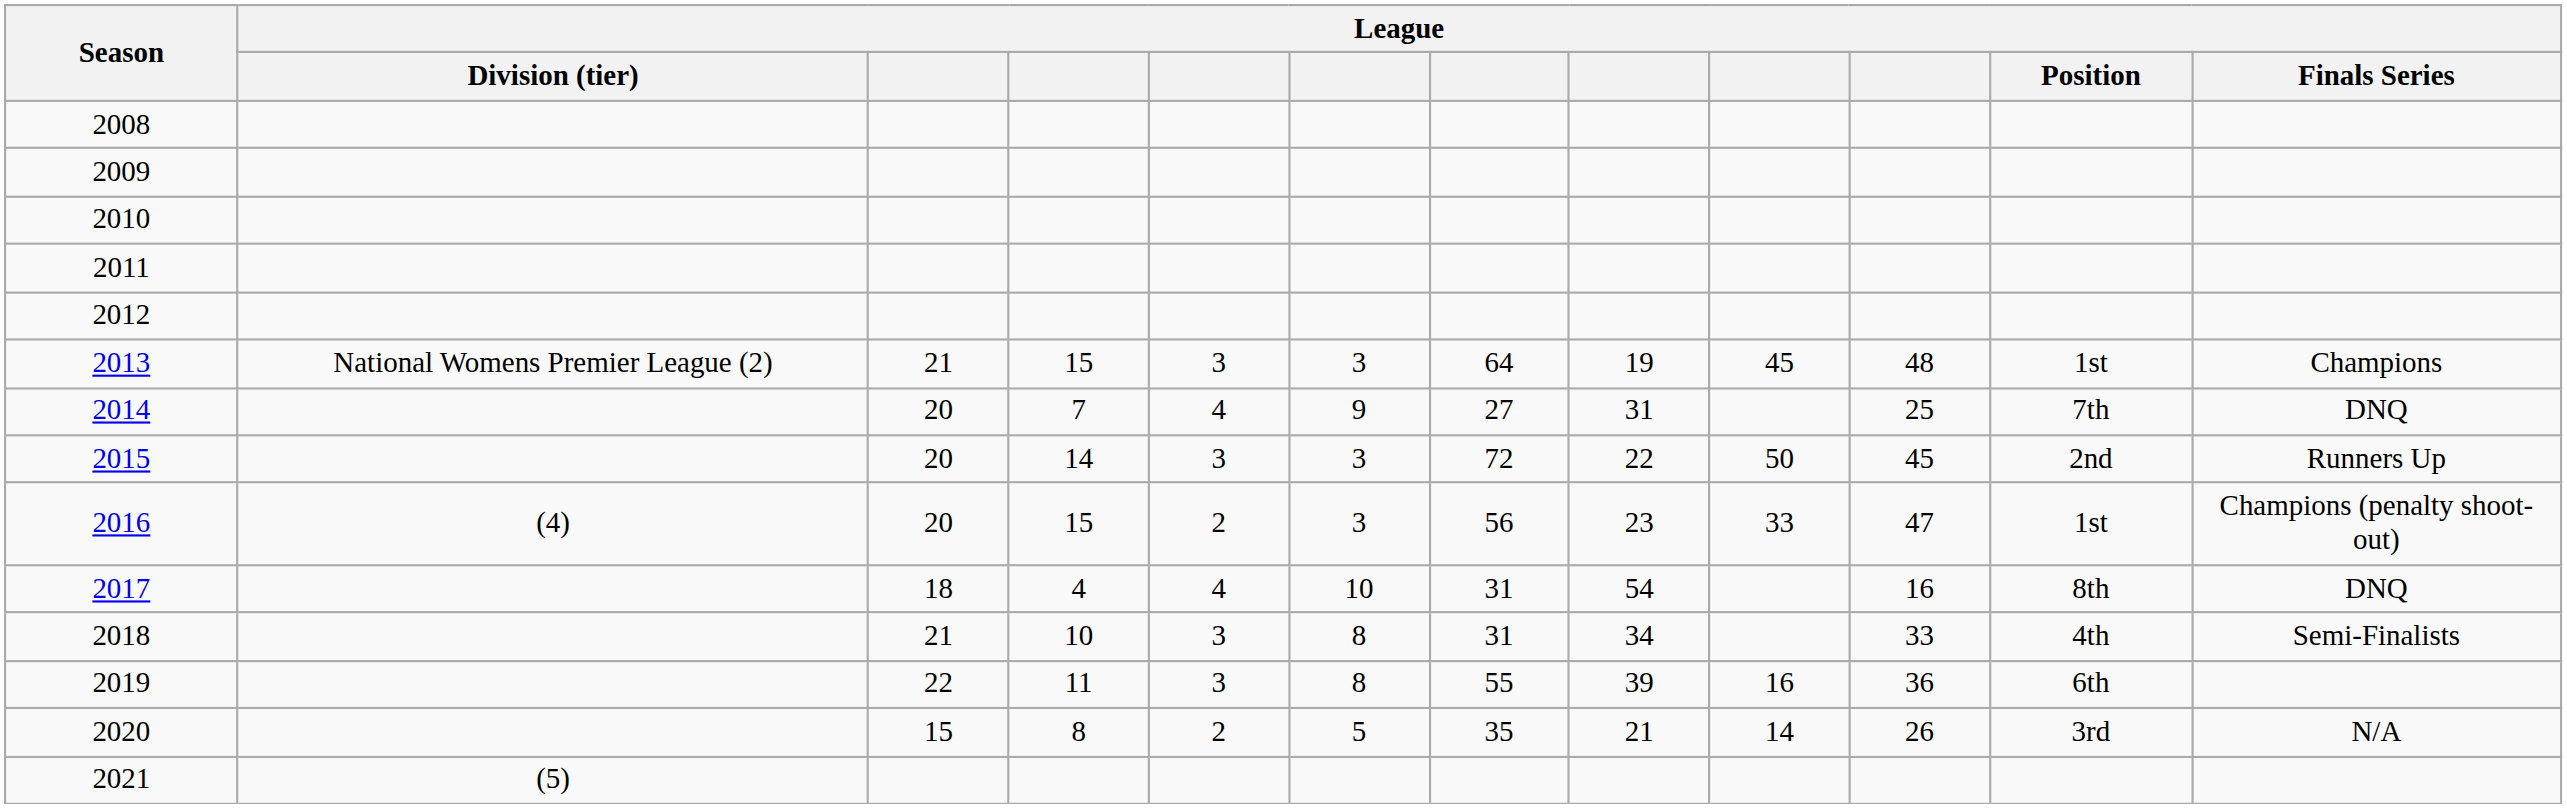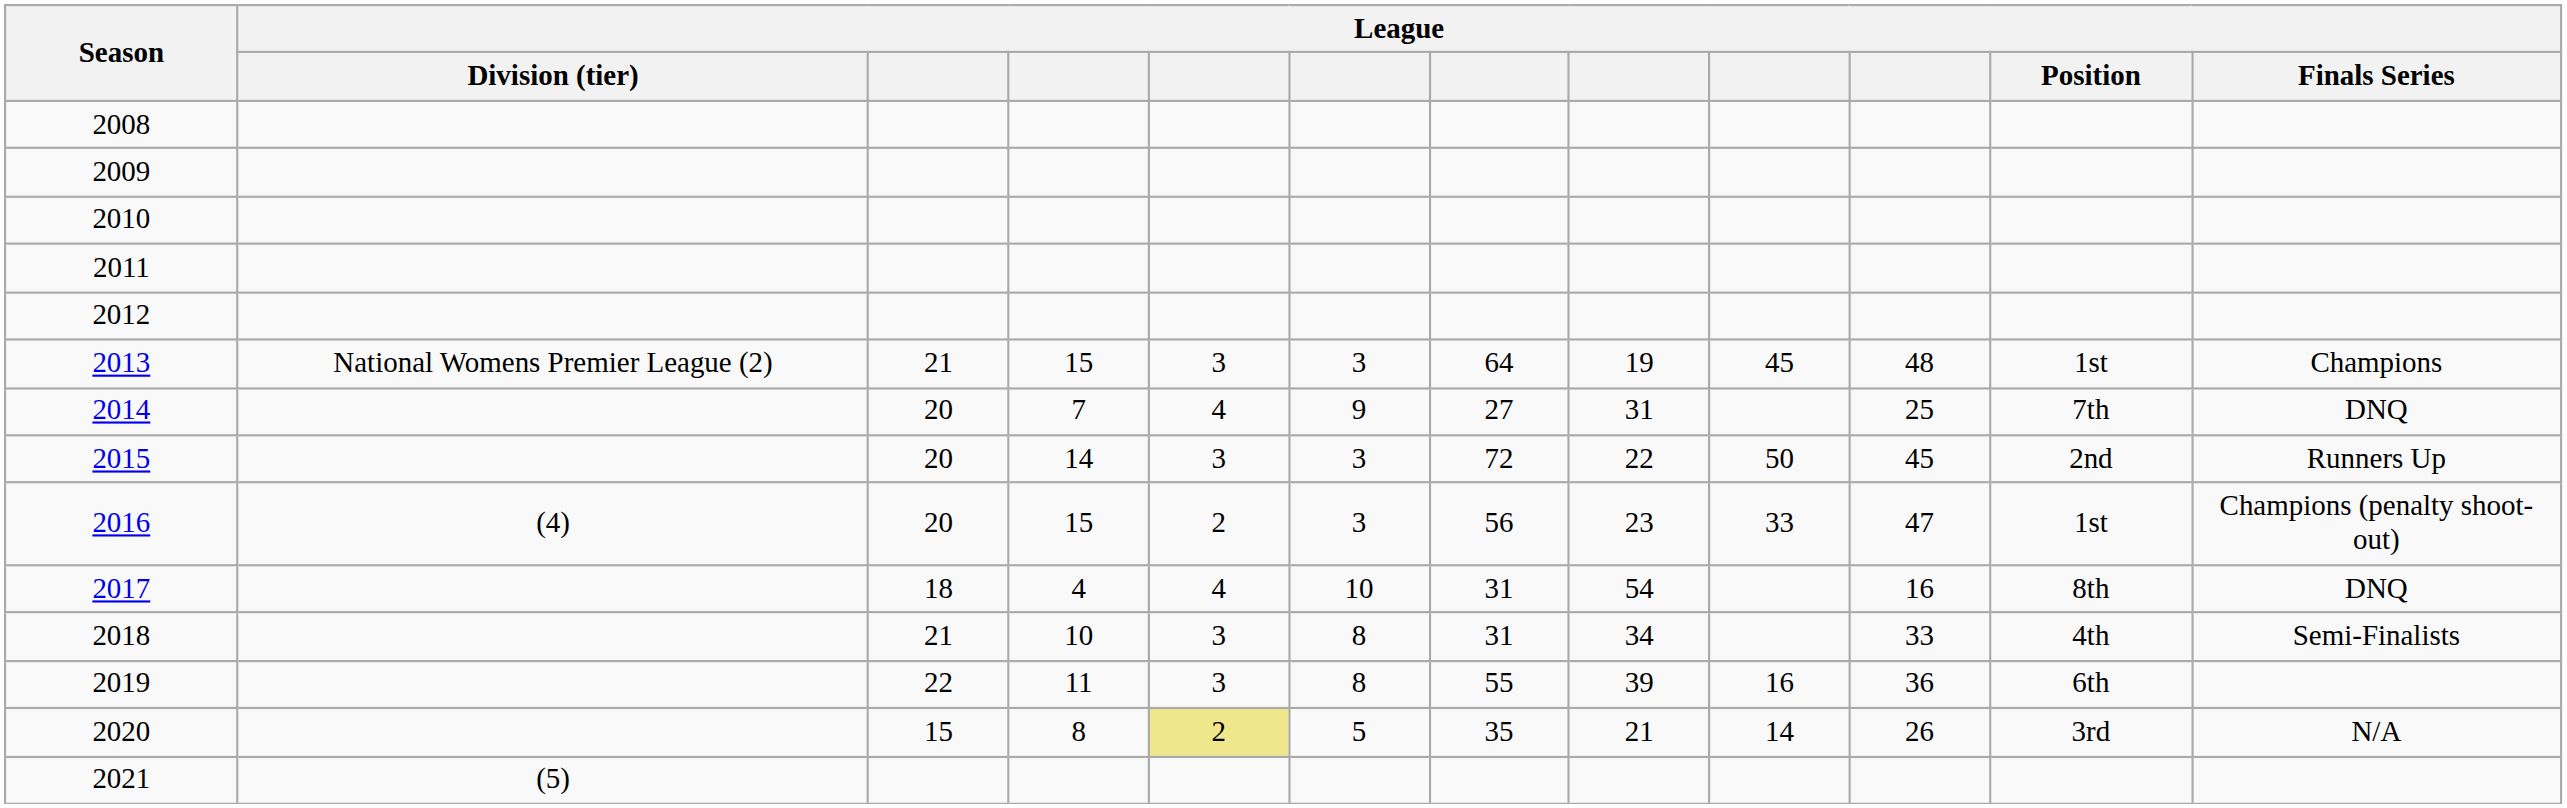 <table class="wikitable" style="text-align:center; font-size:85%;width:95%; text-align:center">
 <tr>
 <th rowspan="2" width="3%">Season</th>
 <th colspan="11" rowspan="1" width="28%">League</th>
 </tr>
 <tr>
 <th width="9%">Division (tier)</th>
 <th width="2%"></th>
 <th width="2%"></th>
 <th width="2%"></th>
 <th width="2%"></th>
 <th width="2%"></th>
 <th width="2%"></th>
 <th width="2%"></th>
 <th width="2%"></th>
 <th width="2%">Position</th>
 <th width="5%">Finals Series</th>
 </tr>
 <tr>
 <td>2008</td>
 <td></td>
 <td></td>
 <td></td>
 <td></td>
 <td></td>
 <td></td>
 <td></td>
 <td></td>
 <td></td>
 <td></td>
 <td></td>
 </tr>
 <tr>
 <td>2009</td>
 <td></td>
 <td></td>
 <td></td>
 <td></td>
 <td></td>
 <td></td>
 <td></td>
 <td></td>
 <td></td>
 <td></td>
 <td></td>
 </tr>
 <tr>
 <td>2010</td>
 <td></td>
 <td></td>
 <td></td>
 <td></td>
 <td></td>
 <td></td>
 <td></td>
 <td></td>
 <td></td>
 <td></td>
 <td></td>
 </tr>
 <tr>
 <td>2011</td>
 <td></td>
 <td></td>
 <td></td>
 <td></td>
 <td></td>
 <td></td>
 <td></td>
 <td></td>
 <td></td>
 <td></td>
 <td></td>
 </tr>
 <tr>
 <td>2012</td>
 <td></td>
 <td></td>
 <td></td>
 <td></td>
 <td></td>
 <td></td>
 <td></td>
 <td></td>
 <td></td>
 <td></td>
 <td></td>
 </tr>
 <tr>
 <td><a href='#'>2013</a></td>
 <td>National Womens Premier League (2)</td>
 <td>21</td>
 <td>15</td>
 <td>3</td>
 <td>3</td>
 <td>64</td>
 <td>19</td>
 <td>45</td>
 <td>48</td>
 <td>1st</td>
 <td>Champions</td>
 </tr>
 <tr>
 <td><a href='#'>2014</a></td>
 <td></td>
 <td>20</td>
 <td>7</td>
 <td>4</td>
 <td>9</td>
 <td>27</td>
 <td>31</td>
 <td></td>
 <td>25</td>
 <td>7th</td>
 <td>DNQ</td>
 </tr>
 <tr>
 <td><a href='#'>2015</a></td>
 <td></td>
 <td>20</td>
 <td>14</td>
 <td>3</td>
 <td>3</td>
 <td>72</td>
 <td>22</td>
 <td>50</td>
 <td>45</td>
 <td>2nd</td>
 <td>Runners Up</td>
 </tr>
 <tr>
 <td><a href='#'>2016</a></td>
 <td> (4)</td>
 <td>20</td>
 <td>15</td>
 <td>2</td>
 <td>3</td>
 <td>56</td>
 <td>23</td>
 <td>33</td>
 <td>47</td>
 <td>1st</td>
 <td>Champions (penalty shoot-out)</td>
 </tr>
 <tr>
 <td><a href='#'>2017</a></td>
 <td></td>
 <td>18</td>
 <td>4</td>
 <td>4</td>
 <td>10</td>
 <td>31</td>
 <td>54</td>
 <td></td>
 <td>16</td>
 <td>8th</td>
 <td>DNQ</td>
 </tr>
 <tr>
 <td>2018</td>
 <td></td>
 <td>21</td>
 <td>10</td>
 <td>3</td>
 <td>8</td>
 <td>31</td>
 <td>34</td>
 <td></td>
 <td>33</td>
 <td>4th</td>
 <td>Semi-Finalists</td>
 </tr>
 <tr>
 <td>2019</td>
 <td></td>
 <td>22</td>
 <td>11</td>
 <td>3</td>
 <td>8</td>
 <td>55</td>
 <td>39</td>
 <td>16</td>
 <td>36</td>
 <td>6th</td>
 <td></td>
 </tr>
 <tr>
 <td>2020</td>
 <td></td>
 <td>15</td>
 <td>8</td>
-<td>2</td>
+<td style="background: khaki;">2</td>
 <td>5</td>
 <td>35</td>
 <td>21</td>
 <td>14</td>
 <td>26</td>
 <td>3rd</td>
 <td>N/A</td>
 </tr>
 <tr>
 <td>2021</td>
 <td> (5)</td>
 <td></td>
 <td></td>
 <td></td>
 <td></td>
 <td></td>
 <td></td>
 <td></td>
 <td></td>
 <td></td>
 <td></td>
 </tr>
 </table>
